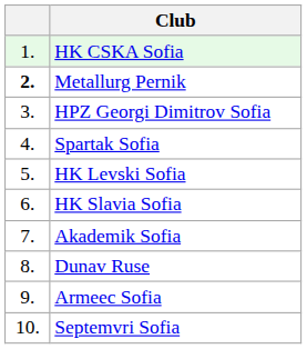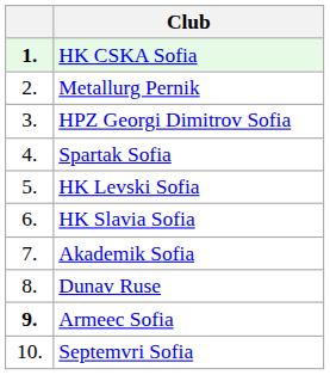 <table class="wikitable">
 <tr>
 <th width="30"></th>
 <th width="200">Club</th>
 </tr>
 <tr bgcolor="#e6fae6" align="center">
-<td>1.</td>
+<td><strong>1.</strong></td>
 <td align="left"><a href='#'>HK CSKA Sofia</a></td>
 </tr>
 <tr bgcolor="#FFFFFF" align="center">
-<td><strong>2.</strong></td>
+<td>2.</td>
 <td align="left"><a href='#'>Metallurg Pernik</a></td>
 </tr>
 <tr bgcolor="#FFFFFF" align="center">
 <td>3.</td>
 <td align="left"><a href='#'>HPZ Georgi Dimitrov Sofia</a></td>
 </tr>
 <tr bgcolor="#FFFFFF" align="center">
 <td>4.</td>
 <td align="left"><a href='#'>Spartak Sofia</a></td>
 </tr>
 <tr bgcolor="#FFFFFF" align="center">
 <td>5.</td>
 <td align="left"><a href='#'>HK Levski Sofia</a></td>
 </tr>
 <tr bgcolor="#FFFFFF" align="center">
 <td>6.</td>
 <td align="left"><a href='#'>HK Slavia Sofia</a></td>
 </tr>
 <tr bgcolor="#FFFFFF" align="center">
 <td>7.</td>
 <td align="left"><a href='#'>Akademik Sofia</a></td>
 </tr>
 <tr bgcolor="#FFFFFF" align="center">
 <td>8.</td>
 <td align="left"><a href='#'>Dunav Ruse</a></td>
 </tr>
 <tr bgcolor="#FFFFFF" align="center">
-<td>9.</td>
+<td><strong>9.</strong></td>
 <td align="left"><a href='#'>Armeec Sofia</a></td>
 </tr>
 <tr bgcolor="#FFFFFF" align="center">
 <td>10.</td>
 <td align="left"><a href='#'>Septemvri Sofia</a></td>
 </tr>
 </table>
